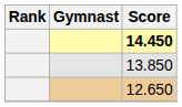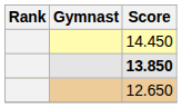 <table class="wikitable sortable" style="text-align:center; font-size:95%">
 <tr>
 <th scope=col>Rank</th>
 <th scope=col>Gymnast</th>
 <th scope=col>Score</th>
 </tr>
 <tr bgcolor=fffcaf>
 <th scope=row style="text-align:center"></th>
 <td align=left></td>
-<td><strong>14.450</strong></td>
+<td>14.450</td>
 </tr>
 <tr bgcolor=e5e5e5>
 <th scope=row style="text-align:center"></th>
 <td align=left></td>
-<td>13.850</td>
+<td><strong>13.850</strong></td>
 </tr>
 <tr bgcolor=eecc99>
 <th scope=row style="text-align:center"></th>
 <td align=left></td>
 <td>12.650</td>
 </tr>
 <tr>
 </tr>
 </table>
